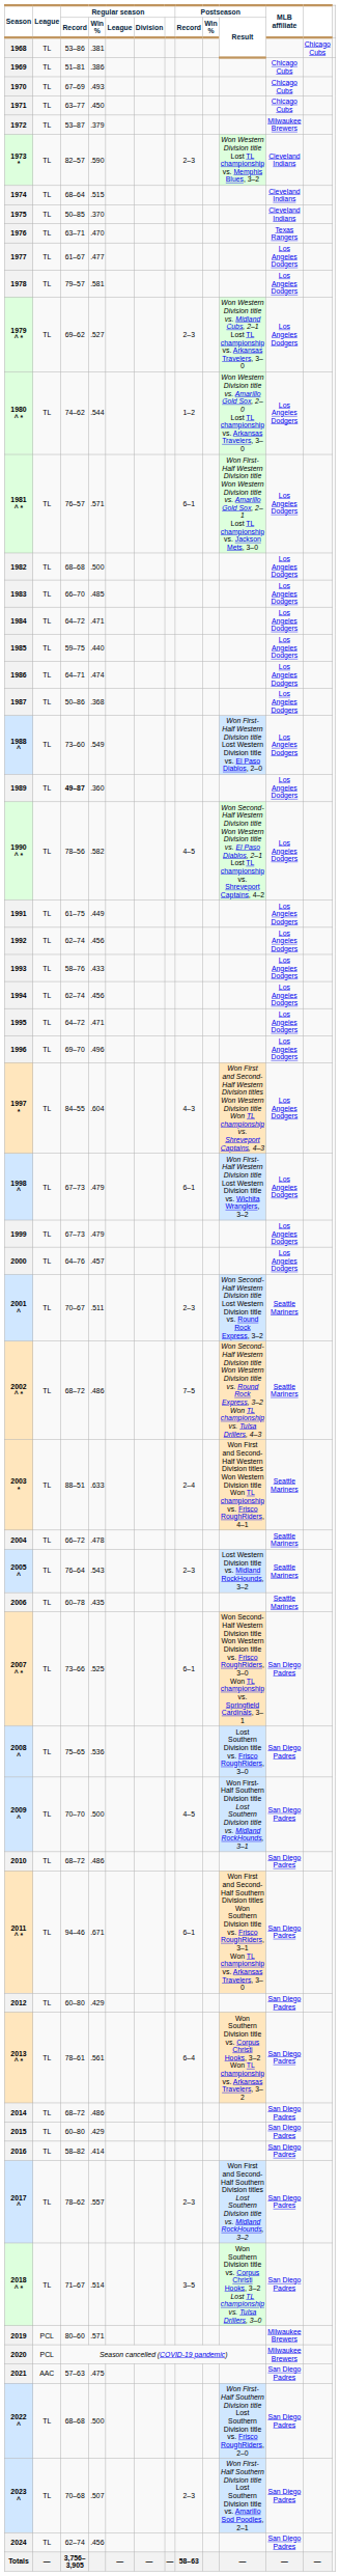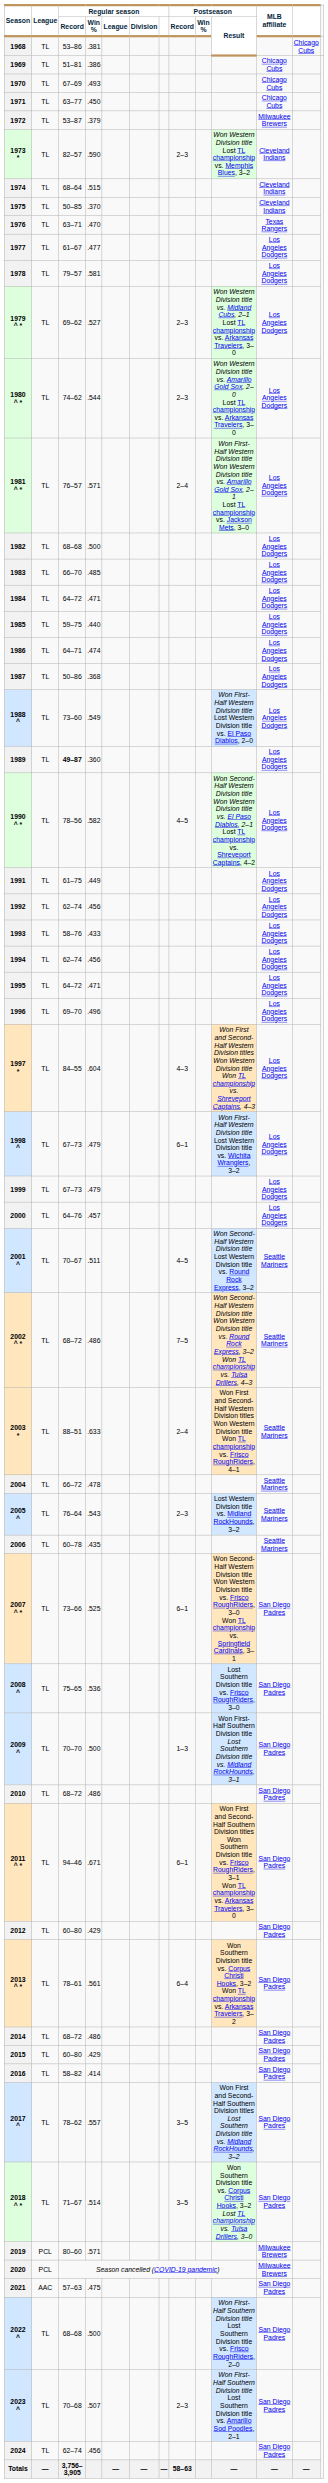 <table class="wikitable sortable plainrowheaders" style="font-size: 95%; text-align:center;">
 <tr>
 <th rowspan="2" scope="col" style="background-color:#ffffff; border-top:#C0955E 5px solid; border-bottom:#C0955E 5px solid; color:#061F3E">Season</th>
 <th rowspan="2" scope="col" style="background-color:#ffffff; border-top:#C0955E 5px solid; border-bottom:#C0955E 5px solid; color:#061F3E">League</th>
 <th colspan="5" scope="col" style="background-color:#ffffff; border-top:#C0955E 5px solid; color:#061F3E">Regular season</th>
 <th colspan="3" scope="col" style="background-color:#ffffff; border-top:#C0955E 5px solid; color:#061F3E">Postseason</th>
 <th rowspan="2" scope="col" style="background-color:#ffffff; border-top:#C0955E 5px solid; border-bottom:#C0955E 5px solid; color:#061F3E">MLB affiliate</th>
 <th class="unsortable" rowspan="2" scope="col" style="background-color:#ffffff; border-top:#C0955E 5px solid; border-bottom:#C0955E 5px solid; color:#061F3E"></th>
 </tr>
 <tr>
 <th scope="col" style="background-color:#ffffff; border-bottom:#C0955E 5px solid; color:#061F3E">Record</th>
 <th scope="col" style="background-color:#ffffff; border-bottom:#C0955E 5px solid; color:#061F3E">Win %</th>
 <th scope="col" style="background-color:#ffffff; border-bottom:#C0955E 5px solid; color:#061F3E">League</th>
 <th scope="col" style="background-color:#ffffff; border-bottom:#C0955E 5px solid; color:#061F3E">Division</th>
 <th scope="col" style="background-color:#ffffff; border-bottom:#C0955E 5px solid; color:#061F3E"></th>
 <th scope="col" style="background-color:#ffffff; border-bottom:#C0955E 5px solid; color:#061F3E">Record</th>
 <th scope="col" style="background-color:#ffffff; border-bottom:#C0955E 5px solid; color:#061F3E">Win %</th>
 <th class="unsortable" rowspan="2" scope="col" style="background-color:#ffffff; border-bottom:#C0955E 5px solid; color:#061F3E">Result</th>
 </tr>
 <tr>
 <th scope="row" style="text-align:center">1968</th>
 <td>TL</td>
 <td>53–86</td>
 <td>.381</td>
 <td></td>
 <td></td>
 <td></td>
 <td></td>
 <td></td>
 <td></td>
 <td><a href='#'>Chicago Cubs</a></td>
 <td></td>
 </tr>
 <tr>
 <th scope="row" style="text-align:center">1969</th>
 <td>TL</td>
 <td>51–81</td>
 <td>.386</td>
 <td></td>
 <td></td>
 <td></td>
 <td></td>
 <td></td>
 <td></td>
 <td><a href='#'>Chicago Cubs</a></td>
 <td></td>
 </tr>
 <tr>
 <th scope="row" style="text-align:center">1970</th>
 <td>TL</td>
 <td>67–69</td>
 <td>.493</td>
 <td></td>
 <td></td>
 <td></td>
 <td></td>
 <td></td>
 <td></td>
 <td><a href='#'>Chicago Cubs</a></td>
 <td></td>
 </tr>
 <tr>
 <th scope="row" style="text-align:center">1971</th>
 <td>TL</td>
 <td>63–77</td>
 <td>.450</td>
 <td></td>
 <td></td>
 <td></td>
 <td></td>
 <td></td>
 <td></td>
 <td><a href='#'>Chicago Cubs</a></td>
 <td></td>
 </tr>
 <tr>
 <th scope="row" style="text-align:center">1972</th>
 <td>TL</td>
 <td>53–87</td>
 <td>.379</td>
 <td></td>
 <td></td>
 <td></td>
 <td></td>
 <td></td>
 <td></td>
 <td><a href='#'>Milwaukee Brewers</a></td>
 <td></td>
 </tr>
 <tr>
 <th scope="row" style="text-align:center; background:#DDFFDD">1973<br>*</th>
 <td>TL</td>
 <td>82–57</td>
 <td>.590</td>
 <td></td>
 <td></td>
 <td></td>
 <td>2–3</td>
 <td></td>
 <td bgcolor="#DDFFDD"><em>Won Western Division title</em><br>Lost <a href='#'>TL championship</a> vs. <a href='#'>Memphis Blues</a>, 3–2</td>
 <td><a href='#'>Cleveland Indians</a></td>
 <td></td>
 </tr>
 <tr>
 <th scope="row" style="text-align:center">1974</th>
 <td>TL</td>
 <td>68–64</td>
 <td>.515</td>
 <td></td>
 <td></td>
 <td></td>
 <td></td>
 <td></td>
 <td></td>
 <td><a href='#'>Cleveland Indians</a></td>
 <td></td>
 </tr>
 <tr>
 <th scope="row" style="text-align:center">1975</th>
 <td>TL</td>
 <td>50–85</td>
 <td>.370</td>
 <td></td>
 <td></td>
 <td></td>
 <td></td>
 <td></td>
 <td></td>
 <td><a href='#'>Cleveland Indians</a></td>
 <td></td>
 </tr>
 <tr>
 <th scope="row" style="text-align:center">1976</th>
 <td>TL</td>
 <td>63–71</td>
 <td>.470</td>
 <td></td>
 <td></td>
 <td></td>
 <td></td>
 <td></td>
 <td></td>
 <td><a href='#'>Texas Rangers</a></td>
 <td></td>
 </tr>
 <tr>
 <th scope="row" style="text-align:center">1977</th>
 <td>TL</td>
 <td>61–67</td>
 <td>.477</td>
 <td></td>
 <td></td>
 <td></td>
 <td></td>
 <td></td>
 <td></td>
 <td><a href='#'>Los Angeles Dodgers</a></td>
 <td></td>
 </tr>
 <tr>
 <th scope="row" style="text-align:center">1978</th>
 <td>TL</td>
 <td>79–57</td>
 <td>.581</td>
 <td></td>
 <td></td>
 <td></td>
 <td></td>
 <td></td>
 <td></td>
 <td><a href='#'>Los Angeles Dodgers</a></td>
 <td></td>
 </tr>
 <tr>
 <th scope="row" style="text-align:center; background:#DDFFDD">1979<br>^ *</th>
 <td>TL</td>
 <td>69–62</td>
 <td>.527</td>
 <td></td>
 <td></td>
 <td></td>
 <td>2–3</td>
 <td></td>
 <td bgcolor="#DDFFDD"><em>Won Western Division title vs. <a href='#'>Midland Cubs</a>, 2–1</em><br>Lost <a href='#'>TL championship</a> vs. <a href='#'>Arkansas Travelers</a>, 3–0</td>
 <td><a href='#'>Los Angeles Dodgers</a></td>
 <td></td>
 </tr>
 <tr>
 <th scope="row" style="text-align:center; background:#DDFFDD">1980<br>^ *</th>
 <td>TL</td>
 <td>74–62</td>
 <td>.544</td>
 <td></td>
 <td></td>
 <td></td>
-<td>1–2</td>
+<td>2–3</td>
 <td></td>
 <td bgcolor="#DDFFDD"><em>Won Western Division title vs. <a href='#'>Amarillo Gold Sox</a>, 2–0</em><br>Lost <a href='#'>TL championship</a> vs. <a href='#'>Arkansas Travelers</a>, 3–0</td>
 <td><a href='#'>Los Angeles Dodgers</a></td>
 <td></td>
 </tr>
 <tr>
 <th scope="row" style="text-align:center; background:#DDFFDD">1981<br>^ *</th>
 <td>TL</td>
 <td>76–57</td>
 <td>.571</td>
 <td></td>
 <td></td>
 <td></td>
-<td>6–1</td>
+<td>2–4</td>
 <td></td>
 <td bgcolor="#DDFFDD"><em>Won First-Half Western Division title</em><br><em>Won Western Division title vs. <a href='#'>Amarillo Gold Sox</a>, 2–1</em><br>Lost <a href='#'>TL championship</a> vs. <a href='#'>Jackson Mets</a>, 3–0</td>
 <td><a href='#'>Los Angeles Dodgers</a></td>
 <td></td>
 </tr>
 <tr>
 <th scope="row" style="text-align:center">1982</th>
 <td>TL</td>
 <td>68–68</td>
 <td>.500</td>
 <td></td>
 <td></td>
 <td></td>
 <td></td>
 <td></td>
 <td></td>
 <td><a href='#'>Los Angeles Dodgers</a></td>
 <td></td>
 </tr>
 <tr>
 <th scope="row" style="text-align:center">1983</th>
 <td>TL</td>
 <td>66–70</td>
 <td>.485</td>
 <td></td>
 <td></td>
 <td></td>
 <td></td>
 <td></td>
 <td></td>
 <td><a href='#'>Los Angeles Dodgers</a></td>
 <td></td>
 </tr>
 <tr>
 <th scope="row" style="text-align:center">1984</th>
 <td>TL</td>
 <td>64–72</td>
 <td>.471</td>
 <td></td>
 <td></td>
 <td></td>
 <td></td>
 <td></td>
 <td></td>
 <td><a href='#'>Los Angeles Dodgers</a></td>
 <td></td>
 </tr>
 <tr>
 <th scope="row" style="text-align:center">1985</th>
 <td>TL</td>
 <td>59–75</td>
 <td>.440</td>
 <td></td>
 <td></td>
 <td></td>
 <td></td>
 <td></td>
 <td></td>
 <td><a href='#'>Los Angeles Dodgers</a></td>
 <td></td>
 </tr>
 <tr>
 <th scope="row" style="text-align:center">1986</th>
 <td>TL</td>
 <td>64–71</td>
 <td>.474</td>
 <td></td>
 <td></td>
 <td></td>
 <td></td>
 <td></td>
 <td></td>
 <td><a href='#'>Los Angeles Dodgers</a></td>
 <td></td>
 </tr>
 <tr>
 <th scope="row" style="text-align:center">1987</th>
 <td>TL</td>
 <td>50–86</td>
 <td>.368</td>
 <td></td>
 <td></td>
 <td></td>
 <td></td>
 <td></td>
 <td></td>
 <td><a href='#'>Los Angeles Dodgers</a></td>
 <td></td>
 </tr>
 <tr>
 <th scope="row" style="text-align:center; background:#D0E7FF">1988<br>^</th>
 <td>TL</td>
 <td>73–60</td>
 <td>.549</td>
 <td></td>
 <td></td>
 <td></td>
 <td></td>
 <td></td>
 <td bgcolor="#D0E7FF"><em>Won First-Half Western Division title</em><br>Lost Western Division title vs. <a href='#'>El Paso Diablos</a>, 2–0</td>
 <td><a href='#'>Los Angeles Dodgers</a></td>
 <td></td>
 </tr>
 <tr>
 <th scope="row" style="text-align:center">1989</th>
 <td>TL</td>
 <td><strong>49–87</strong></td>
 <td>.360</td>
 <td></td>
 <td></td>
 <td></td>
 <td></td>
 <td></td>
 <td></td>
 <td><a href='#'>Los Angeles Dodgers</a></td>
 <td></td>
 </tr>
 <tr>
 <th scope="row" style="text-align:center; background:#DDFFDD">1990<br>^ *</th>
 <td>TL</td>
 <td>78–56</td>
 <td>.582</td>
 <td></td>
 <td></td>
 <td></td>
 <td>4–5</td>
 <td></td>
 <td bgcolor="#DDFFDD"><em>Won Second-Half Western Division title</em><br><em>Won Western Division title vs. <a href='#'>El Paso Diablos</a>, 2–1</em><br>Lost <a href='#'>TL championship</a> vs. <a href='#'>Shreveport Captains</a>, 4–2</td>
 <td><a href='#'>Los Angeles Dodgers</a></td>
 <td></td>
 </tr>
 <tr>
 <th scope="row" style="text-align:center">1991</th>
 <td>TL</td>
 <td>61–75</td>
 <td>.449</td>
 <td></td>
 <td></td>
 <td></td>
 <td></td>
 <td></td>
 <td></td>
 <td><a href='#'>Los Angeles Dodgers</a></td>
 <td></td>
 </tr>
 <tr>
 <th scope="row" style="text-align:center">1992</th>
 <td>TL</td>
 <td>62–74</td>
 <td>.456</td>
 <td></td>
 <td></td>
 <td></td>
 <td></td>
 <td></td>
 <td></td>
 <td><a href='#'>Los Angeles Dodgers</a></td>
 <td></td>
 </tr>
 <tr>
 <th scope="row" style="text-align:center">1993</th>
 <td>TL</td>
 <td>58–76</td>
 <td>.433</td>
 <td></td>
 <td></td>
 <td></td>
 <td></td>
 <td></td>
 <td></td>
 <td><a href='#'>Los Angeles Dodgers</a></td>
 <td></td>
 </tr>
 <tr>
 <th scope="row" style="text-align:center">1994</th>
 <td>TL</td>
 <td>62–74</td>
 <td>.456</td>
 <td></td>
 <td></td>
 <td></td>
 <td></td>
 <td></td>
 <td></td>
 <td><a href='#'>Los Angeles Dodgers</a></td>
 <td></td>
 </tr>
 <tr>
 <th scope="row" style="text-align:center">1995</th>
 <td>TL</td>
 <td>64–72</td>
 <td>.471</td>
 <td></td>
 <td></td>
 <td></td>
 <td></td>
 <td></td>
 <td></td>
 <td><a href='#'>Los Angeles Dodgers</a></td>
 <td></td>
 </tr>
 <tr>
 <th scope="row" style="text-align:center">1996</th>
 <td>TL</td>
 <td>69–70</td>
 <td>.496</td>
 <td></td>
 <td></td>
 <td></td>
 <td></td>
 <td></td>
 <td></td>
 <td><a href='#'>Los Angeles Dodgers</a></td>
 <td></td>
 </tr>
 <tr>
 <th scope="row" style="text-align:center; background:#FFE6BD">1997<br>* </th>
 <td>TL</td>
 <td>84–55</td>
 <td>.604</td>
 <td></td>
 <td></td>
 <td></td>
 <td>4–3</td>
 <td></td>
 <td bgcolor="#FFE6BD"><em>Won First and Second-Half Western Division titles</em><br><em>Won Western Division title</em><br><em>Won <a href='#'>TL championship</a> vs. <a href='#'>Shreveport Captains</a>, 4–3</em></td>
 <td><a href='#'>Los Angeles Dodgers</a></td>
 <td></td>
 </tr>
 <tr>
 <th scope="row" style="text-align:center; background:#D0E7FF">1998<br>^</th>
 <td>TL</td>
 <td>67–73</td>
 <td>.479</td>
 <td></td>
 <td></td>
 <td></td>
 <td>6–1</td>
 <td></td>
 <td bgcolor="#D0E7FF"><em>Won First-Half Western Division title</em><br>Lost Western Division title vs. <a href='#'>Wichita Wranglers</a>, 3–2</td>
 <td><a href='#'>Los Angeles Dodgers</a></td>
 <td></td>
 </tr>
 <tr>
 <th scope="row" style="text-align:center">1999</th>
 <td>TL</td>
 <td>67–73</td>
 <td>.479</td>
 <td></td>
 <td></td>
 <td></td>
 <td></td>
 <td></td>
 <td></td>
 <td><a href='#'>Los Angeles Dodgers</a></td>
 <td></td>
 </tr>
 <tr>
 <th scope="row" style="text-align:center">2000</th>
 <td>TL</td>
 <td>64–76</td>
 <td>.457</td>
 <td></td>
 <td></td>
 <td></td>
 <td></td>
 <td></td>
 <td></td>
 <td><a href='#'>Los Angeles Dodgers</a></td>
 <td></td>
 </tr>
 <tr>
 <th scope="row" style="text-align:center; background:#D0E7FF">2001<br>^</th>
 <td>TL</td>
 <td>70–67</td>
 <td>.511</td>
 <td></td>
 <td></td>
 <td></td>
-<td>2–3</td>
+<td>4–5</td>
 <td></td>
 <td bgcolor="#D0E7FF"><em>Won Second-Half Western Division title</em><br>Lost Western Division title vs. <a href='#'>Round Rock Express</a>, 3–2</td>
 <td><a href='#'>Seattle Mariners</a></td>
 <td></td>
 </tr>
 <tr>
 <th scope="row" style="text-align:center; background:#FFE6BD">2002<br>^ * </th>
 <td>TL</td>
 <td>68–72</td>
 <td>.486</td>
 <td></td>
 <td></td>
 <td></td>
 <td>7–5</td>
 <td></td>
 <td bgcolor="#FFE6BD"><em>Won Second-Half Western Division title</em><br><em>Won Western Division title vs. <a href='#'>Round Rock Express</a>, 3–2</em><br><em>Won <a href='#'>TL championship</a> vs. <a href='#'>Tulsa Drillers</a>, 4–3<strong></td>
 <td><a href='#'>Seattle Mariners</a></td>
 <td></td>
 </tr>
 <tr>
 <th scope="row" style="text-align:center; background:#FFE6BD">2003<br>* </th>
 <td>TL</td>
 <td>88–51</td>
 <td>.633</td>
 <td></td>
 <td></td>
 <td></td>
 <td>2–4</td>
 <td></td>
 <td bgcolor="#FFE6BD"></em>Won First and Second-Half Western Division titles<em><br></em>Won Western Division title<em><br></em>Won <a href='#'>TL championship</a> vs. <a href='#'>Frisco RoughRiders</a>, 4–1<em></td>
 <td><a href='#'>Seattle Mariners</a></td>
 <td></td>
 </tr>
 <tr>
 <th scope="row" style="text-align:center">2004</th>
 <td>TL</td>
 <td>66–72</td>
 <td>.478</td>
 <td></td>
 <td></td>
 <td></td>
 <td></td>
 <td></td>
 <td></td>
 <td><a href='#'>Seattle Mariners</a></td>
 <td></td>
 </tr>
 <tr>
 <th scope="row" style="text-align:center; background:#D0E7FF">2005<br>^</th>
 <td>TL</td>
 <td>76–64</td>
 <td>.543</td>
 <td></td>
 <td></td>
 <td></td>
 <td>2–3</td>
 <td></td>
 <td bgcolor="#D0E7FF">Lost Western Division title vs. <a href='#'>Midland RockHounds</a>, 3–2</td>
 <td><a href='#'>Seattle Mariners</a></td>
 <td></td>
 </tr>
 <tr>
 <th scope="row" style="text-align:center">2006</th>
 <td>TL</td>
 <td>60–78</td>
 <td>.435</td>
 <td></td>
 <td></td>
 <td></td>
 <td></td>
 <td></td>
 <td></td>
 <td><a href='#'>Seattle Mariners</a></td>
 <td></td>
 </tr>
 <tr>
 <th scope="row" style="text-align:center; background:#FFE6BD">2007<br>^ * </th>
 <td>TL</td>
 <td>73–66</td>
 <td>.525</td>
 <td></td>
 <td></td>
 <td></td>
 <td>6–1</td>
 <td></td>
 <td bgcolor="#FFE6BD"></em>Won Second-Half Western Division title<em><br></em>Won Western Division title vs. <a href='#'>Frisco RoughRiders</a>, 3–0<em><br></em>Won <a href='#'>TL championship</a> vs. <a href='#'>Springfield Cardinals</a>, 3–1<em></td>
 <td><a href='#'>San Diego Padres</a></td>
 <td></td>
 </tr>
 <tr>
 <th scope="row" style="text-align:center; background:#D0E7FF">2008<br>^</th>
 <td>TL</td>
 <td>75–65</td>
 <td>.536</td>
 <td></td>
 <td></td>
 <td></td>
 <td></td>
 <td></td>
 <td bgcolor="#D0E7FF">Lost Southern Division title vs. <a href='#'>Frisco RoughRiders</a>, 3–0</td>
 <td><a href='#'>San Diego Padres</a></td>
 <td></td>
 </tr>
 <tr>
 <th scope="row" style="text-align:center; background:#D0E7FF">2009<br>^</th>
 <td>TL</td>
 <td>70–70</td>
 <td>.500</td>
 <td></td>
 <td></td>
 <td></td>
-<td>4–5</td>
+<td>1–3</td>
 <td></td>
 <td bgcolor="#D0E7FF"></em>Won First-Half Southern Division title<em><br>Lost Southern Division title vs. <a href='#'>Midland RockHounds</a>, 3–1</td>
 <td><a href='#'>San Diego Padres</a></td>
 <td></td>
 </tr>
 <tr>
 <th scope="row" style="text-align:center">2010</th>
 <td>TL</td>
 <td>68–72</td>
 <td>.486</td>
 <td></td>
 <td></td>
 <td></td>
 <td></td>
 <td></td>
 <td></td>
 <td><a href='#'>San Diego Padres</a></td>
 <td></td>
 </tr>
 <tr>
 <th scope="row" style="text-align:center; background:#FFE6BD">2011<br>^ * </th>
 <td>TL</td>
 <td>94–46</td>
 <td>.671</td>
 <td></td>
 <td></td>
 <td></td>
 <td>6–1</td>
 <td></td>
 <td bgcolor="#FFE6BD"></em>Won First and Second-Half Southern Division titles<em><br></em>Won Southern Division title vs. <a href='#'>Frisco RoughRiders</a>, 3–1<em><br></em>Won <a href='#'>TL championship</a> vs. <a href='#'>Arkansas Travelers</a>, 3–0<em></td>
 <td><a href='#'>San Diego Padres</a></td>
 <td></td>
 </tr>
 <tr>
 <th scope="row" style="text-align:center">2012</th>
 <td>TL</td>
 <td>60–80</td>
 <td>.429</td>
 <td></td>
 <td></td>
 <td></td>
 <td></td>
 <td></td>
 <td></td>
 <td><a href='#'>San Diego Padres</a></td>
 <td></td>
 </tr>
 <tr>
 <th scope="row" style="text-align:center; background:#FFE6BD">2013<br>^ * </th>
 <td>TL</td>
 <td>78–61</td>
 <td>.561</td>
 <td></td>
 <td></td>
 <td></td>
 <td>6–4</td>
 <td></td>
 <td bgcolor="#FFE6BD"></em>Won Southern Division title vs. <a href='#'>Corpus Christi Hooks</a>, 3–2<em><br></em>Won <a href='#'>TL championship</a> vs. <a href='#'>Arkansas Travelers</a>, 3–2<em></td>
 <td><a href='#'>San Diego Padres</a></td>
 <td></td>
 </tr>
 <tr>
 <th scope="row" style="text-align:center">2014</th>
 <td>TL</td>
 <td>68–72</td>
 <td>.486</td>
 <td></td>
 <td></td>
 <td></td>
 <td></td>
 <td></td>
 <td></td>
 <td><a href='#'>San Diego Padres</a></td>
 <td></td>
 </tr>
 <tr>
 <th scope="row" style="text-align:center">2015</th>
 <td>TL</td>
 <td>60–80</td>
 <td>.429</td>
 <td></td>
 <td></td>
 <td></td>
 <td></td>
 <td></td>
 <td></td>
 <td><a href='#'>San Diego Padres</a></td>
 <td></td>
 </tr>
 <tr>
 <th scope="row" style="text-align:center">2016</th>
 <td>TL</td>
 <td>58–82</td>
 <td>.414</td>
 <td></td>
 <td></td>
 <td></td>
 <td></td>
 <td></td>
 <td></td>
 <td><a href='#'>San Diego Padres</a></td>
 <td></td>
 </tr>
 <tr>
 <th scope="row" style="text-align:center; background:#D0E7FF">2017<br>^</th>
 <td>TL</td>
 <td>78–62</td>
 <td>.557</td>
 <td></td>
 <td></td>
 <td></td>
-<td>2–3</td>
+<td>3–5</td>
 <td></td>
 <td bgcolor="#D0E7FF"></em>Won First and Second-Half Southern Division titles<em><br>Lost Southern Division title vs. <a href='#'>Midland RockHounds</a>, 3–2</td>
 <td><a href='#'>San Diego Padres</a></td>
 <td></td>
 </tr>
 <tr>
 <th scope="row" style="text-align:center; background:#DDFFDD">2018<br>^ *</th>
 <td>TL</td>
 <td>71–67</td>
 <td>.514</td>
 <td></td>
 <td></td>
 <td></td>
 <td>3–5</td>
 <td></td>
 <td bgcolor="#DDFFDD"></em>Won Southern Division title vs. <a href='#'>Corpus Christi Hooks</a>, 3–2<em><br>Lost <a href='#'>TL championship</a> vs. <a href='#'>Tulsa Drillers</a>, 3–0</em></td>
 <td><a href='#'>San Diego Padres</a></td>
 <td></td>
 </tr>
 <tr>
 <th scope="row" style="text-align:center">2019</th>
 <td>PCL</td>
 <td>80–60</td>
 <td>.571</td>
 <td></td>
 <td></td>
 <td></td>
 <td></td>
 <td></td>
 <td></td>
 <td><a href='#'>Milwaukee Brewers</a></td>
 <td></td>
 </tr>
 <tr>
 <th scope="row" style="text-align:center">2020</th>
 <td>PCL</td>
 <td colspan="8"><em>Season cancelled (<a href='#'>COVID-19 pandemic</a>)</em></td>
 <td><a href='#'>Milwaukee Brewers</a></td>
 <td></td>
 </tr>
 <tr>
 <th scope="row" style="text-align:center">2021</th>
 <td>AAC</td>
 <td>57–63</td>
 <td>.475</td>
 <td></td>
 <td></td>
 <td></td>
 <td></td>
 <td></td>
 <td></td>
 <td><a href='#'>San Diego Padres</a></td>
 <td></td>
 </tr>
 <tr>
 <th scope="row" style="text-align:center; background:#D0E7FF">2022<br>^</th>
 <td>TL</td>
 <td>68–68</td>
 <td>.500</td>
 <td></td>
 <td></td>
 <td></td>
 <td></td>
 <td></td>
 <td bgcolor="#D0E7FF"><em>Won First-Half Southern Division title</em><br>Lost Southern Division title vs. <a href='#'>Frisco RoughRiders</a>, 2–0</td>
 <td><a href='#'>San Diego Padres</a></td>
 <td></td>
 </tr>
 <tr>
 <th scope="row" style="text-align:center; background:#D0E7FF">2023<br>^</th>
 <td>TL</td>
 <td>70–68</td>
 <td>.507</td>
 <td></td>
 <td></td>
 <td></td>
 <td>2–3</td>
 <td></td>
 <td bgcolor="#D0E7FF"><em>Won First-Half Southern Division title</em><br>Lost Southern Division title vs. <a href='#'>Amarillo Sod Poodles</a>, 2–1</td>
 <td><a href='#'>San Diego Padres</a></td>
 <td></td>
 </tr>
 <tr>
 <th scope="row" style="text-align:center">2024</th>
 <td>TL</td>
 <td>62–74</td>
 <td>.456</td>
 <td></td>
 <td></td>
 <td></td>
 <td></td>
 <td></td>
 <td></td>
 <td><a href='#'>San Diego Padres</a></td>
 <td></td>
 </tr>
 <tr class="sortbottom">
 <th scope="row" style="text-align:center"></strong>Totals<strong></th>
 <th>—</th>
 <th>3,756–3,905</th>
 <th></th>
 <th>—</th>
 <th>—</th>
 <th>—</th>
 <th>58–63</th>
 <th></th>
 <th>—</th>
 <th>—</th>
 <th>—</th>
 </tr>
 </table>
